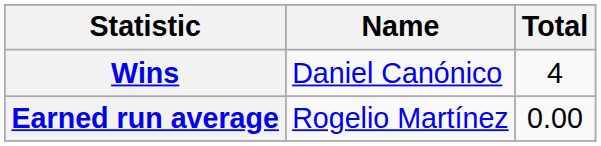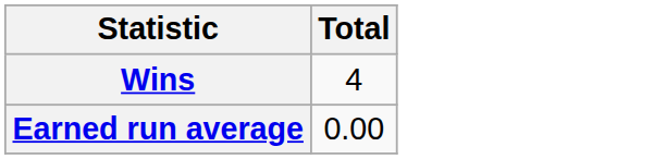 <table class="wikitable plainrowheaders">
 <tr>
 <th scope="col">Statistic</th>
-<th scope="col">Name</th>
 <th scope="col">Total</th>
 </tr>
 <tr>
 <th scope="row"><a href='#'>Wins</a></th>
-<td> <a href='#'>Daniel Canónico</a></td>
 <td align=center>4</td>
 </tr>
 <tr>
 <th scope="row"><a href='#'>Earned run average</a></th>
-<td> <a href='#'>Rogelio Martínez</a></td>
 <td align=center>0.00</td>
 </tr>
 </table>
